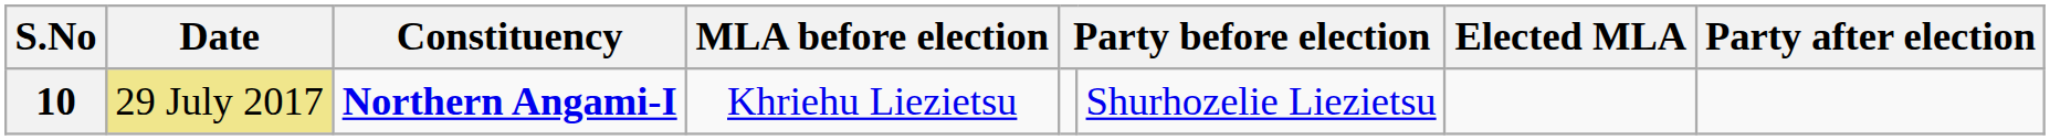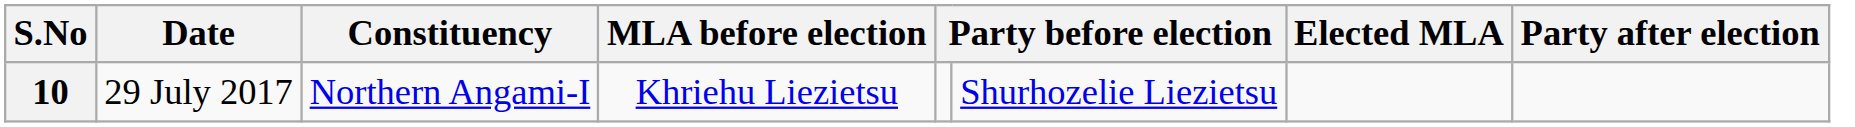 <table class="wikitable sortable" style="text-align:center;">
 <tr>
 <th>S.No</th>
 <th>Date</th>
 <th>Constituency</th>
 <th>MLA before election</th>
 <th colspan="2">Party before election</th>
 <th>Elected MLA</th>
 <th colspan="2">Party after election</th>
 </tr>
 <tr>
 <th>10</th>
-<td style="background: khaki;">29 July 2017</td>
-<td><strong><a href='#'>Northern Angami-I</a></strong></td>
+<td>29 July 2017</td>
+<td><a href='#'>Northern Angami-I</a></td>
 <td><a href='#'>Khriehu Liezietsu</a></td>
 <td></td>
 <td><a href='#'>Shurhozelie Liezietsu</a></td>
 <td></td>
 </tr>
 </table>
